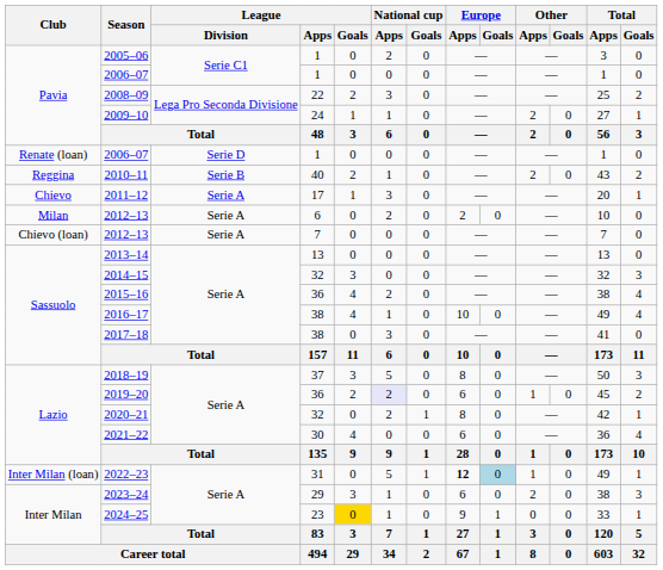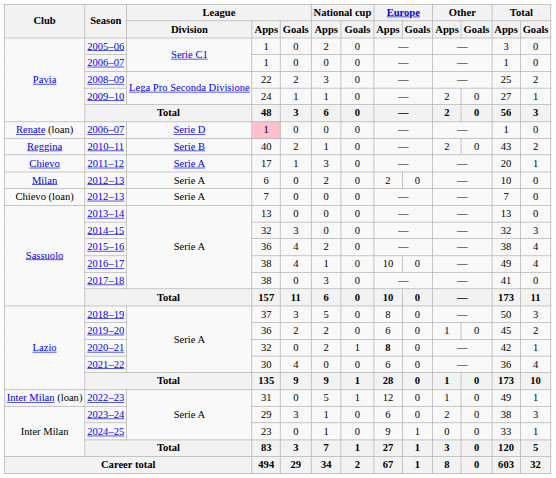 <table class="wikitable" style="text-align:center">
 <tr>
 <th rowspan="2">Club</th>
 <th rowspan="2">Season</th>
 <th colspan="3">League</th>
 <th colspan="2">National cup</th>
 <th colspan="2"><a href='#'>Europe</a></th>
 <th colspan="2">Other</th>
 <th colspan="2">Total</th>
 </tr>
 <tr>
 <th>Division</th>
 <th>Apps</th>
 <th>Goals</th>
 <th>Apps</th>
 <th>Goals</th>
 <th>Apps</th>
 <th>Goals</th>
 <th>Apps</th>
 <th>Goals</th>
 <th>Apps</th>
 <th>Goals</th>
 </tr>
 <tr>
 <td rowspan="5"><a href='#'>Pavia</a></td>
 <td><a href='#'>2005–06</a></td>
 <td rowspan="2"><a href='#'>Serie C1</a></td>
 <td>1</td>
 <td>0</td>
 <td>2</td>
 <td>0</td>
 <td colspan="2">—</td>
 <td colspan="2">—</td>
 <td>3</td>
 <td>0</td>
 </tr>
 <tr>
 <td><a href='#'>2006–07</a></td>
 <td>1</td>
 <td>0</td>
 <td>0</td>
 <td>0</td>
 <td colspan="2">—</td>
 <td colspan="2">—</td>
 <td>1</td>
 <td>0</td>
 </tr>
 <tr>
 <td><a href='#'>2008–09</a></td>
 <td rowspan="2"><a href='#'>Lega Pro Seconda Divisione</a></td>
 <td>22</td>
 <td>2</td>
 <td>3</td>
 <td>0</td>
 <td colspan="2">—</td>
 <td colspan="2">—</td>
 <td>25</td>
 <td>2</td>
 </tr>
 <tr>
 <td><a href='#'>2009–10</a></td>
 <td>24</td>
 <td>1</td>
 <td>1</td>
 <td>0</td>
 <td colspan="2">—</td>
 <td>2</td>
 <td>0</td>
 <td>27</td>
 <td>1</td>
 </tr>
 <tr>
 <th colspan="2">Total</th>
 <th>48</th>
 <th>3</th>
 <th>6</th>
 <th>0</th>
 <th colspan="2">—</th>
 <th>2</th>
 <th>0</th>
 <th>56</th>
 <th>3</th>
 </tr>
 <tr>
 <td><a href='#'>Renate</a> (loan)</td>
 <td><a href='#'>2006–07</a></td>
 <td><a href='#'>Serie D</a></td>
-<td>1</td>
+<td style="background: pink;">1</td>
 <td>0</td>
 <td>0</td>
 <td>0</td>
 <td colspan="2">—</td>
 <td colspan="2">—</td>
 <td>1</td>
 <td>0</td>
 </tr>
 <tr>
 <td><a href='#'>Reggina</a></td>
 <td><a href='#'>2010–11</a></td>
 <td><a href='#'>Serie B</a></td>
 <td>40</td>
 <td>2</td>
 <td>1</td>
 <td>0</td>
 <td colspan="2">—</td>
 <td>2</td>
 <td>0</td>
 <td>43</td>
 <td>2</td>
 </tr>
 <tr>
 <td><a href='#'>Chievo</a></td>
 <td><a href='#'>2011–12</a></td>
 <td><a href='#'>Serie A</a></td>
 <td>17</td>
 <td>1</td>
 <td>3</td>
 <td>0</td>
 <td colspan="2">—</td>
 <td colspan="2">—</td>
 <td>20</td>
 <td>1</td>
 </tr>
 <tr>
 <td><a href='#'>Milan</a></td>
 <td><a href='#'>2012–13</a></td>
 <td>Serie A</td>
 <td>6</td>
 <td>0</td>
 <td>2</td>
 <td>0</td>
 <td>2</td>
 <td>0</td>
 <td colspan="2">—</td>
 <td>10</td>
 <td>0</td>
 </tr>
 <tr>
 <td>Chievo (loan)</td>
 <td><a href='#'>2012–13</a></td>
 <td>Serie A</td>
 <td>7</td>
 <td>0</td>
 <td>0</td>
 <td>0</td>
 <td colspan="2">—</td>
 <td colspan="2">—</td>
 <td>7</td>
 <td>0</td>
 </tr>
 <tr>
 <td rowspan="6"><a href='#'>Sassuolo</a></td>
 <td><a href='#'>2013–14</a></td>
 <td rowspan="5">Serie A</td>
 <td>13</td>
 <td>0</td>
 <td>0</td>
 <td>0</td>
 <td colspan="2">—</td>
 <td colspan="2">—</td>
 <td>13</td>
 <td>0</td>
 </tr>
 <tr>
 <td><a href='#'>2014–15</a></td>
 <td>32</td>
 <td>3</td>
 <td>0</td>
 <td>0</td>
 <td colspan="2">—</td>
 <td colspan="2">—</td>
 <td>32</td>
 <td>3</td>
 </tr>
 <tr>
 <td><a href='#'>2015–16</a></td>
 <td>36</td>
 <td>4</td>
 <td>2</td>
 <td>0</td>
 <td colspan="2">—</td>
 <td colspan="2">—</td>
 <td>38</td>
 <td>4</td>
 </tr>
 <tr>
 <td><a href='#'>2016–17</a></td>
 <td>38</td>
 <td>4</td>
 <td>1</td>
 <td>0</td>
 <td>10</td>
 <td>0</td>
 <td colspan="2">—</td>
 <td>49</td>
 <td>4</td>
 </tr>
 <tr>
 <td><a href='#'>2017–18</a></td>
 <td>38</td>
 <td>0</td>
 <td>3</td>
 <td>0</td>
 <td colspan="2">—</td>
 <td colspan="2">—</td>
 <td>41</td>
 <td>0</td>
 </tr>
 <tr>
 <th colspan="2">Total</th>
 <th>157</th>
 <th>11</th>
 <th>6</th>
 <th>0</th>
 <th>10</th>
 <th>0</th>
 <th colspan="2">—</th>
 <th>173</th>
 <th>11</th>
 </tr>
 <tr>
 <td rowspan="5"><a href='#'>Lazio</a></td>
 <td><a href='#'>2018–19</a></td>
 <td rowspan="4">Serie A</td>
 <td>37</td>
 <td>3</td>
 <td>5</td>
 <td>0</td>
 <td>8</td>
 <td>0</td>
 <td colspan="2">—</td>
 <td>50</td>
 <td>3</td>
 </tr>
 <tr>
 <td><a href='#'>2019–20</a></td>
 <td>36</td>
 <td>2</td>
-<td style="background: lavender;">2</td>
+<td>2</td>
 <td>0</td>
 <td>6</td>
 <td>0</td>
 <td>1</td>
 <td>0</td>
 <td>45</td>
 <td>2</td>
 </tr>
 <tr>
 <td><a href='#'>2020–21</a></td>
 <td>32</td>
 <td>0</td>
 <td>2</td>
 <td>1</td>
-<td>8</td>
+<td><strong>8</strong></td>
 <td>0</td>
 <td colspan="2">—</td>
 <td>42</td>
 <td>1</td>
 </tr>
 <tr>
 <td><a href='#'>2021–22</a></td>
 <td>30</td>
 <td>4</td>
 <td>0</td>
 <td>0</td>
 <td>6</td>
 <td>0</td>
 <td colspan="2">—</td>
 <td>36</td>
 <td>4</td>
 </tr>
 <tr>
 <th colspan="2">Total</th>
 <th>135</th>
 <th>9</th>
 <th>9</th>
 <th>1</th>
 <th>28</th>
 <th>0</th>
 <th>1</th>
 <th>0</th>
 <th>173</th>
 <th>10</th>
 </tr>
 <tr>
 <td><a href='#'>Inter Milan</a> (loan)</td>
 <td><a href='#'>2022–23</a></td>
 <td rowspan="3">Serie A</td>
 <td>31</td>
 <td>0</td>
 <td>5</td>
 <td>1</td>
-<td><strong>12</strong></td>
-<td style="background: lightblue;">0</td>
+<td>12</td>
+<td>0</td>
 <td>1</td>
 <td>0</td>
 <td>49</td>
 <td>1</td>
 </tr>
 <tr>
 <td rowspan="3">Inter Milan</td>
 <td><a href='#'>2023–24</a></td>
 <td>29</td>
 <td>3</td>
 <td>1</td>
 <td>0</td>
 <td>6</td>
 <td>0</td>
 <td>2</td>
 <td>0</td>
 <td>38</td>
 <td>3</td>
 </tr>
 <tr>
 <td><a href='#'>2024–25</a></td>
 <td>23</td>
-<td style="background: gold;">0</td>
+<td>0</td>
 <td>1</td>
 <td>0</td>
 <td>9</td>
 <td>1</td>
 <td>0</td>
 <td>0</td>
 <td>33</td>
 <td>1</td>
 </tr>
 <tr>
 <th colspan="2">Total</th>
 <th>83</th>
 <th>3</th>
 <th>7</th>
 <th>1</th>
 <th>27</th>
 <th>1</th>
 <th>3</th>
 <th>0</th>
 <th>120</th>
 <th>5</th>
 </tr>
 <tr>
 <th colspan="3">Career total</th>
 <th>494</th>
 <th>29</th>
 <th>34</th>
 <th>2</th>
 <th>67</th>
 <th>1</th>
 <th>8</th>
 <th>0</th>
 <th>603</th>
 <th>32</th>
 </tr>
 </table>
